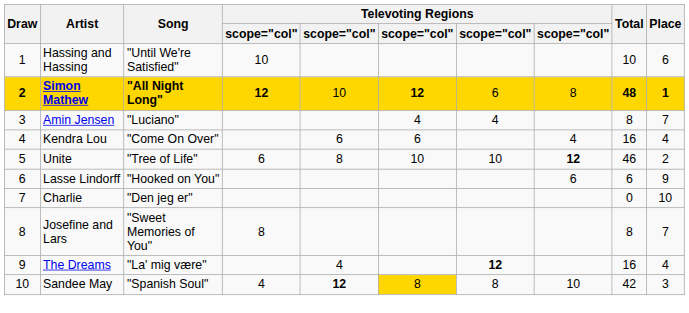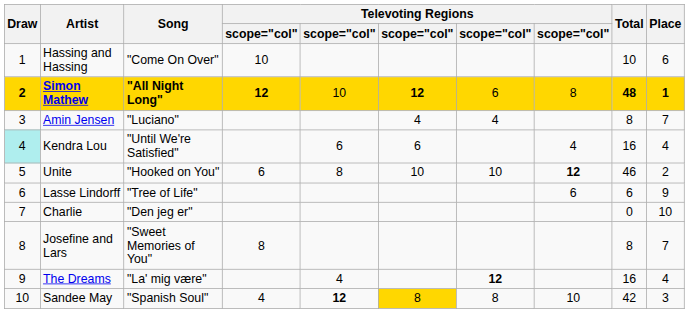 <table class="sortable wikitable" style="margin: 1em auto 1em auto; text-align:center">
 <tr>
 <th rowspan="2">Draw</th>
 <th rowspan="2">Artist</th>
 <th rowspan="2">Song</th>
 <th colspan="5"><strong>Televoting Regions</strong></th>
 <th rowspan="2">Total</th>
 <th rowspan="2">Place</th>
 </tr>
 <tr>
 <th>scope="col" </th>
 <th>scope="col" </th>
 <th>scope="col" </th>
 <th>scope="col" </th>
 <th>scope="col" </th>
 </tr>
 <tr>
 <td>1</td>
 <td align="left">Hassing and Hassing</td>
-<td align="left">"Until We're Satisfied"</td>
+<td align="left">"Come On Over"</td>
 <td>10</td>
 <td></td>
 <td></td>
 <td></td>
 <td></td>
 <td>10</td>
 <td>6</td>
 </tr>
 <tr style="background:gold;">
 <td><strong>2</strong></td>
 <td align="left"><strong><a href='#'>Simon Mathew</a></strong></td>
 <td align="left"><strong>"All Night Long"</strong></td>
 <td><strong>12</strong></td>
 <td>10</td>
 <td><strong>12</strong></td>
 <td>6</td>
 <td>8</td>
 <td><strong>48</strong></td>
 <td><strong>1</strong></td>
 </tr>
 <tr>
 <td>3</td>
 <td align="left"><a href='#'>Amin Jensen</a></td>
 <td align="left">"Luciano"</td>
 <td></td>
 <td></td>
 <td>4</td>
 <td>4</td>
 <td></td>
 <td>8</td>
 <td>7</td>
 </tr>
 <tr>
-<td>4</td>
+<td style="background: paleturquoise;">4</td>
 <td align="left">Kendra Lou</td>
-<td align="left">"Come On Over"</td>
+<td align="left">"Until We're Satisfied"</td>
 <td></td>
 <td>6</td>
 <td>6</td>
 <td></td>
 <td>4</td>
 <td>16</td>
 <td>4</td>
 </tr>
 <tr>
 <td>5</td>
 <td align="left">Unite</td>
-<td align="left">"Tree of Life"</td>
+<td align="left">"Hooked on You"</td>
 <td>6</td>
 <td>8</td>
 <td>10</td>
 <td>10</td>
 <td><strong>12</strong></td>
 <td>46</td>
 <td>2</td>
 </tr>
 <tr>
 <td>6</td>
 <td align="left">Lasse Lindorff</td>
-<td align="left">"Hooked on You"</td>
+<td align="left">"Tree of Life"</td>
 <td></td>
 <td></td>
 <td></td>
 <td></td>
 <td>6</td>
 <td>6</td>
 <td>9</td>
 </tr>
 <tr>
 <td>7</td>
 <td align="left">Charlie</td>
 <td align="left">"Den jeg er"</td>
 <td></td>
 <td></td>
 <td></td>
 <td></td>
 <td></td>
 <td>0</td>
 <td>10</td>
 </tr>
 <tr>
 <td>8</td>
 <td align="left">Josefine and Lars</td>
 <td align="left">"Sweet Memories of You"</td>
 <td>8</td>
 <td></td>
 <td></td>
 <td></td>
 <td></td>
 <td>8</td>
 <td>7</td>
 </tr>
 <tr>
 <td>9</td>
 <td align="left" data-sort-value="Dreams, The"><a href='#'>The Dreams</a></td>
 <td align="left">"La' mig være"</td>
 <td></td>
 <td>4</td>
 <td></td>
 <td><strong>12</strong></td>
 <td></td>
 <td>16</td>
 <td>4</td>
 </tr>
 <tr>
 <td>10</td>
 <td align="left">Sandee May</td>
 <td align="left">"Spanish Soul"</td>
 <td>4</td>
 <td><strong>12</strong></td>
 <td style="background: gold;">8</td>
 <td>8</td>
 <td>10</td>
 <td>42</td>
 <td>3</td>
 </tr>
 </table>
